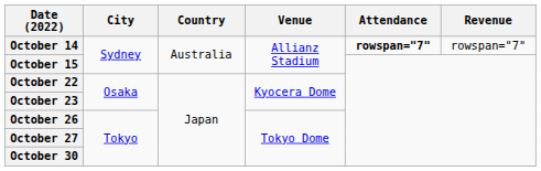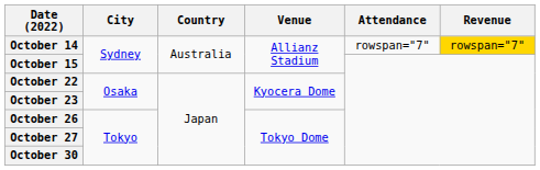 <table class="wikitable plainrowheaders" style="text-align:center;">
 <tr>
 <th scope="col" style="width:10em;">Date (2022)</th>
 <th scope="col" style="width:10em;">City</th>
 <th scope="col" style="width:10em;">Country</th>
 <th scope="col" style="width:15em;">Venue</th>
 <th scope="col" style="width:10em;">Attendance</th>
 <th scope="col" style="width:10em;">Revenue</th>
 </tr>
 <tr>
 <th scope="row" style="text-align:center;">October 14</th>
 <td rowspan="2"><a href='#'>Sydney</a></td>
 <td rowspan="2">Australia</td>
 <td rowspan="2"><a href='#'>Allianz Stadium</a></td>
-<td><strong>rowspan="7" </strong></td>
 <td>rowspan="7" </td>
+<td style="background: gold;">rowspan="7" </td>
 </tr>
 <tr>
 <th scope="row" style="text-align:center;">October 15</th>
 </tr>
 <tr>
 <th scope="row" style="text-align:center;">October 22</th>
 <td rowspan="2"><a href='#'>Osaka</a></td>
 <td rowspan="5">Japan</td>
 <td rowspan="2"><a href='#'>Kyocera Dome</a></td>
 </tr>
 <tr>
 <th scope="row" style="text-align:center;">October 23</th>
 </tr>
 <tr>
 <th scope="row" style="text-align:center;">October 26</th>
 <td rowspan="3"><a href='#'>Tokyo</a></td>
 <td rowspan="3"><a href='#'>Tokyo Dome</a></td>
 </tr>
 <tr>
 <th scope="row" style="text-align:center;">October 27</th>
 </tr>
 <tr>
 <th scope="row" style="text-align:center;">October 30</th>
 </tr>
 </table>
